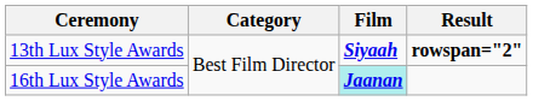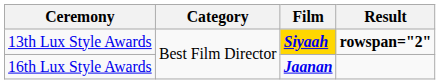 <table class="wikitable style">
 <tr>
 <th>Ceremony</th>
 <th>Category</th>
 <th>Film</th>
 <th>Result</th>
 </tr>
 <tr>
 <td><a href='#'>13th Lux Style Awards</a></td>
 <td rowspan="2">Best Film Director</td>
-<td><strong><em><a href='#'>Siyaah</a></em></strong></td>
+<td style="background: gold;"><strong><em><a href='#'>Siyaah</a></em></strong></td>
 <td><strong>rowspan="2" </strong></td>
 </tr>
 <tr>
 <td><a href='#'>16th Lux Style Awards</a></td>
-<td style="background: paleturquoise;"><strong><em><a href='#'>Jaanan</a></em></strong></td>
+<td><strong><em><a href='#'>Jaanan</a></em></strong></td>
 </tr>
 </table>
